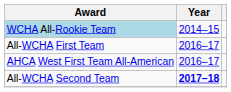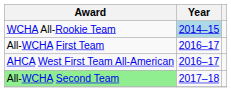 <table class="wikitable">
 <tr>
 <th>Award</th>
 <th>Year</th>
 <th></th>
 </tr>
 <tr>
-<td style="background: lightblue;"><a href='#'>WCHA</a> All-<a href='#'>Rookie Team</a></td>
-<td><a href='#'>2014–15</a></td>
+<td><a href='#'>WCHA</a> All-<a href='#'>Rookie Team</a></td>
+<td style="background: lightblue;"><a href='#'>2014–15</a></td>
 <td></td>
 </tr>
 <tr>
 <td>All-<a href='#'>WCHA</a> <a href='#'>First Team</a></td>
 <td><a href='#'>2016–17</a></td>
 <td></td>
 </tr>
 <tr>
 <td><a href='#'>AHCA</a> <a href='#'>West First Team All-American</a></td>
 <td><a href='#'>2016–17</a></td>
 <td></td>
 </tr>
 <tr>
-<td>All-<a href='#'>WCHA</a> <a href='#'>Second Team</a></td>
-<td><strong><a href='#'>2017–18</a></strong></td>
+<td style="background: lightgreen;">All-<a href='#'>WCHA</a> <a href='#'>Second Team</a></td>
+<td><a href='#'>2017–18</a></td>
 <td></td>
 </tr>
 <tr>
 </tr>
 </table>
